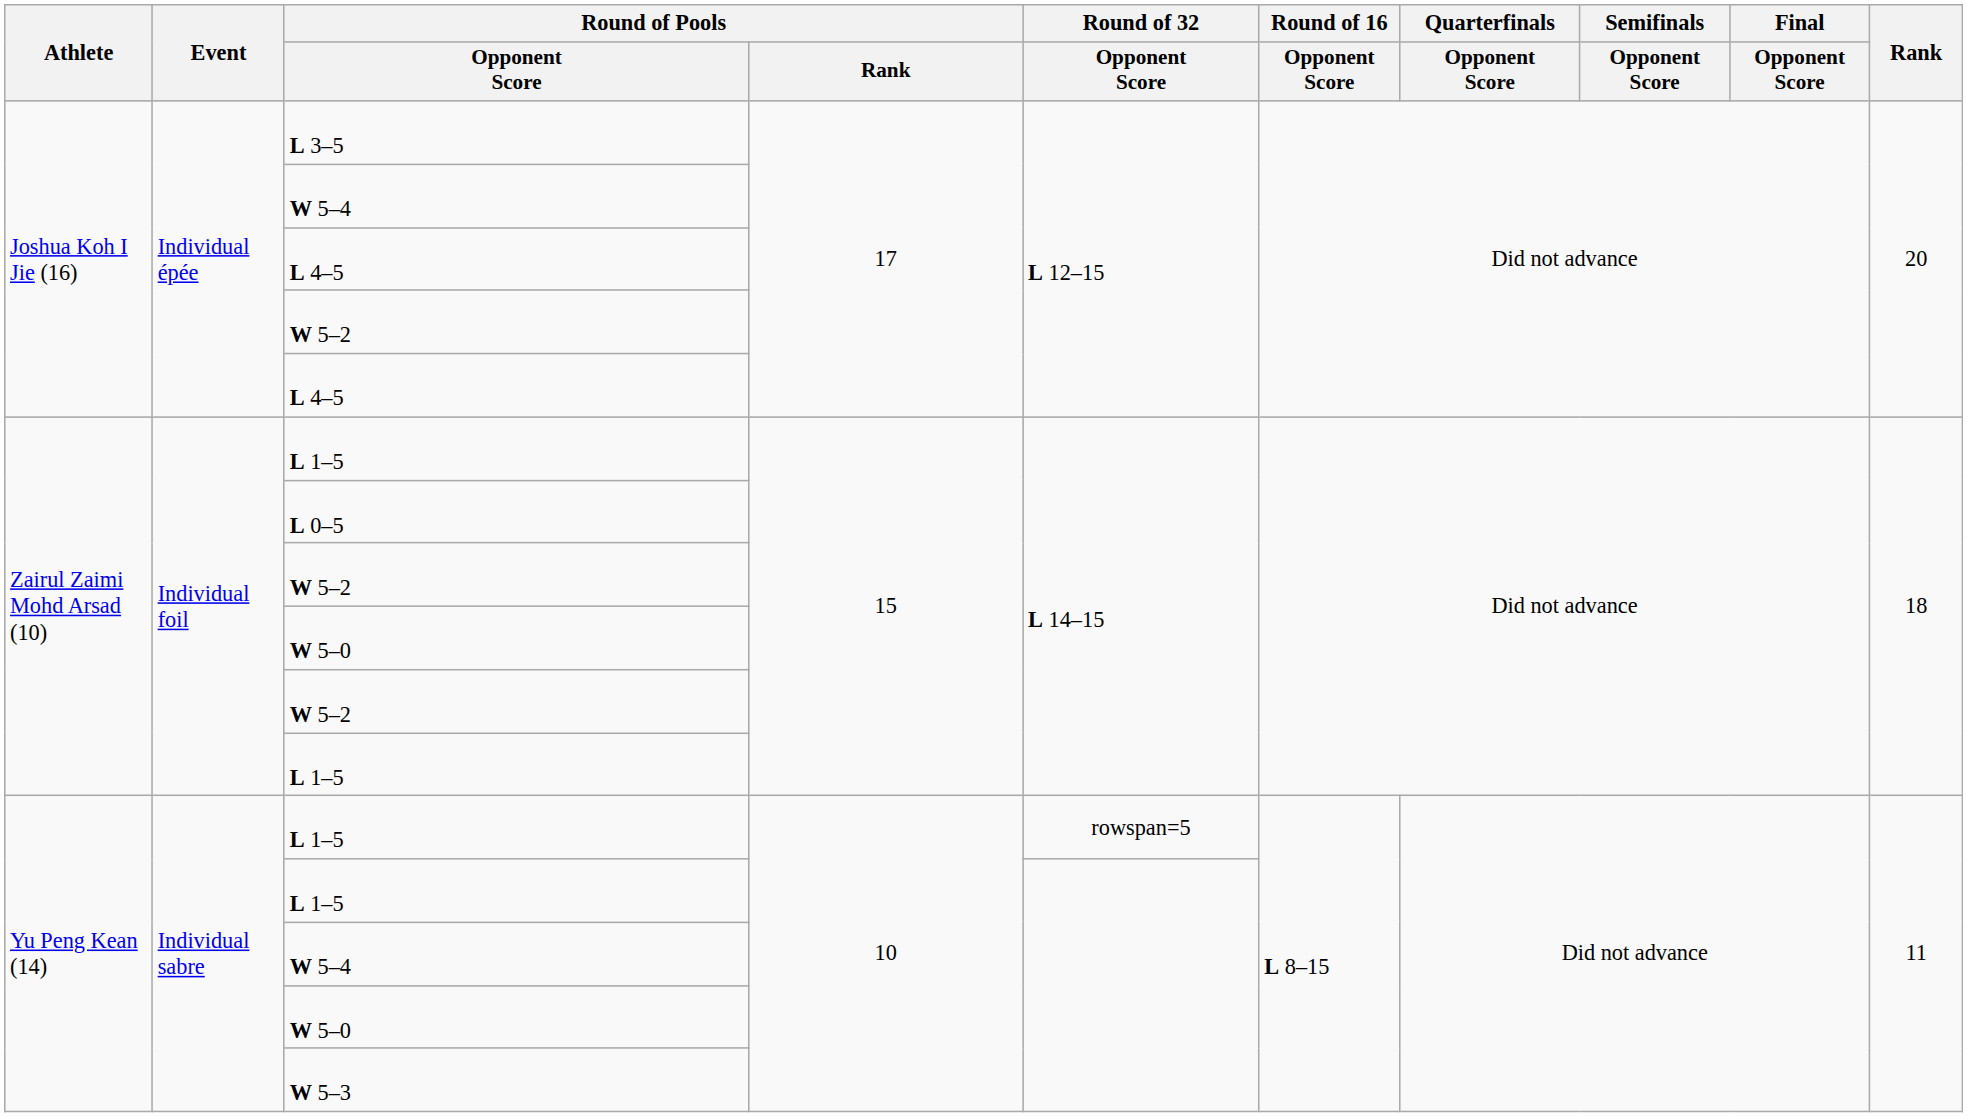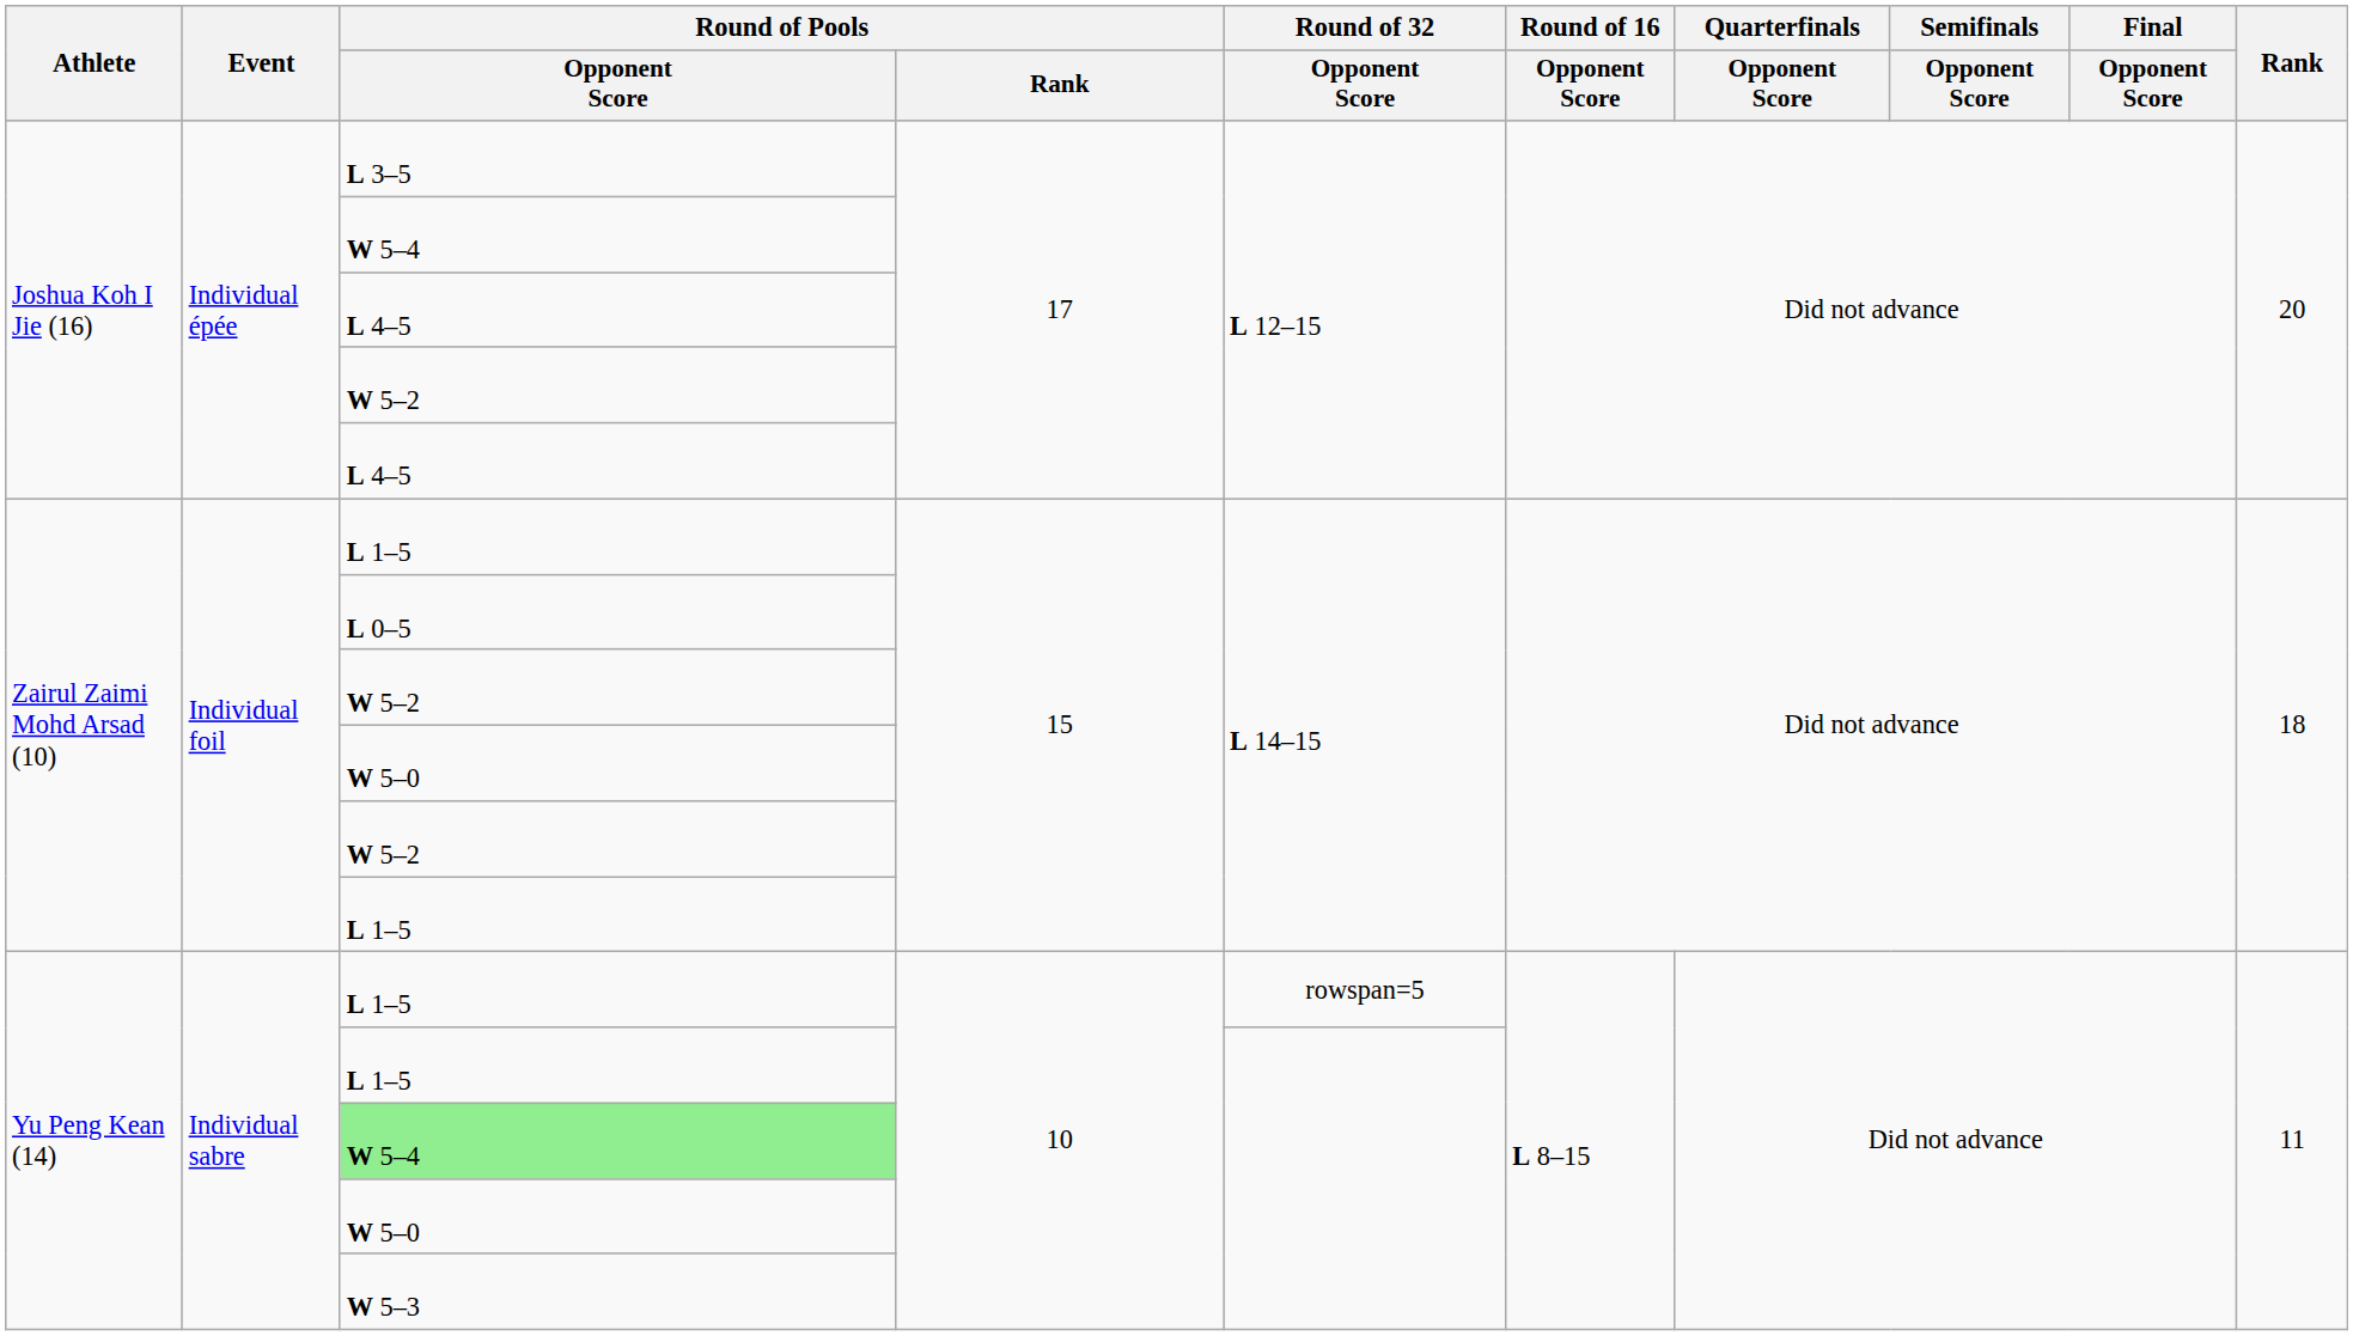 <table class=wikitable width=100% style="font-size:90%; text-align:center">
 <tr>
 <th rowspan=2 width=5%>Athlete</th>
 <th rowspan=2 width=3%>Event</th>
 <th colspan=2 width=25%>Round of Pools</th>
 <th width=8%>Round of 32</th>
 <th width=4%>Round of 16</th>
 <th width=4%>Quarterfinals</th>
 <th width=4%>Semifinals</th>
 <th width=4%>Final</th>
 <th rowspan=2 width=3%>Rank</th>
 </tr>
 <tr style="font-size:95%">
 <th>Opponent<br>Score</th>
 <th>Rank</th>
 <th>Opponent<br>Score</th>
 <th>Opponent<br>Score</th>
 <th>Opponent<br>Score</th>
 <th>Opponent<br>Score</th>
 <th>Opponent<br>Score</th>
 </tr>
 <tr>
 <td rowspan=5 align=left><a href='#'>Joshua Koh I Jie</a> (16)</td>
 <td rowspan=5 align=left><a href='#'>Individual épée</a></td>
 <td align=left><br><strong>L</strong> 3–5</td>
 <td rowspan=5>17 <strong></strong></td>
 <td rowspan=5 align=left><br><strong>L</strong> 12–15</td>
 <td colspan=4 rowspan=5>Did not advance</td>
 <td rowspan=5>20</td>
 </tr>
 <tr>
 <td align=left><br><strong>W</strong> 5–4</td>
 </tr>
 <tr>
 <td align=left><br><strong>L</strong> 4–5</td>
 </tr>
 <tr>
 <td align=left><br><strong>W</strong> 5–2</td>
 </tr>
 <tr>
 <td align=left><br><strong>L</strong> 4–5</td>
 </tr>
 <tr>
 <td rowspan=6 align=left><a href='#'>Zairul Zaimi Mohd Arsad</a> (10)</td>
 <td rowspan=6 align=left><a href='#'>Individual foil</a></td>
 <td align=left><br><strong>L</strong> 1–5</td>
 <td rowspan=6>15 <strong></strong></td>
 <td rowspan=6 align=left><br><strong>L</strong> 14–15</td>
 <td colspan=4 rowspan=6>Did not advance</td>
 <td rowspan=6>18</td>
 </tr>
 <tr>
 <td align=left><br><strong>L</strong> 0–5</td>
 </tr>
 <tr>
 <td align=left><br><strong>W</strong> 5–2</td>
 </tr>
 <tr>
 <td align=left><br><strong>W</strong> 5–0</td>
 </tr>
 <tr>
 <td align=left><br><strong>W</strong> 5–2</td>
 </tr>
 <tr>
 <td align=left><br><strong>L</strong> 1–5</td>
 </tr>
 <tr>
 <td rowspan=5 align=left><a href='#'>Yu Peng Kean</a> (14)</td>
 <td rowspan=5 align=left><a href='#'>Individual sabre</a></td>
 <td align=left><br><strong>L</strong> 1–5</td>
 <td rowspan=5>10 <strong></strong></td>
 <td>rowspan=5 </td>
 <td rowspan=5 align=left><br><strong>L</strong> 8–15</td>
 <td colspan=3 rowspan=5>Did not advance</td>
 <td rowspan=5>11</td>
 </tr>
 <tr>
 <td align=left><br><strong>L</strong> 1–5</td>
 </tr>
 <tr>
-<td align=left><br><strong>W</strong> 5–4</td>
+<td align=left style="background: lightgreen;"><br><strong>W</strong> 5–4</td>
 </tr>
 <tr>
 <td align=left><br><strong>W</strong> 5–0</td>
 </tr>
 <tr>
 <td align=left><br><strong>W</strong> 5–3</td>
 </tr>
 </table>
